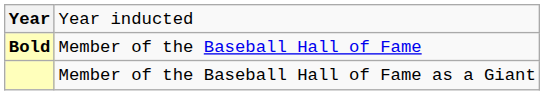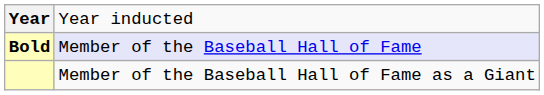 <table class="wikitable">
 <tr>
 <th scope="row">Year</th>
 <td>Year inducted</td>
 </tr>
 <tr>
 <th scope="row" style="background:#ffb;"><strong>Bold</strong></th>
-<td>Member of the <a href='#'>Baseball Hall of Fame</a></td>
+<td style="background: lavender;">Member of the <a href='#'>Baseball Hall of Fame</a></td>
 </tr>
 <tr>
 <th scope="row" style="background:#ffb;"></th>
 <td>Member of the Baseball Hall of Fame as a Giant</td>
 </tr>
 </table>
